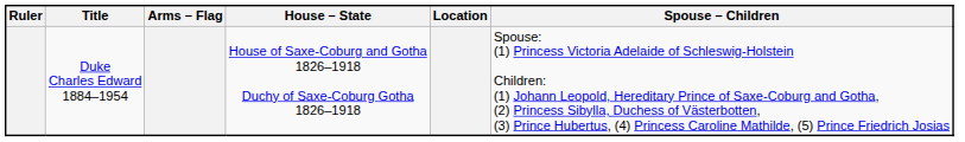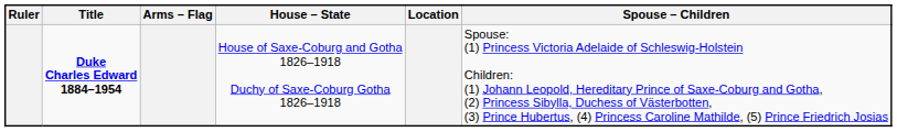 <table class="wikitable" style="border:2px solid">
 <tr>
 <th>Ruler</th>
 <th>Title</th>
 <th>Arms – Flag</th>
 <th>House – State</th>
 <th>Location</th>
 <th>Spouse – Children</th>
 </tr>
 <tr>
 <th></th>
-<td align=center><a href='#'>Duke<br>Charles Edward</a><br>1884–1954</td>
+<td align=center><strong><a href='#'>Duke<br>Charles Edward</a><br>1884–1954</strong></td>
 <th><br></th>
 <td align=center><a href='#'>House of Saxe-Coburg and Gotha</a><br>1826–1918<br><br><a href='#'>Duchy of Saxe-Coburg Gotha</a><br>1826–1918</td>
 <th></th>
 <td align=left>Spouse:<br>(1) <a href='#'>Princess Victoria Adelaide of Schleswig-Holstein</a><br><br>Children:<br>(1) <a href='#'>Johann Leopold, Hereditary Prince of Saxe-Coburg and Gotha</a>, <br>(2) <a href='#'>Princess Sibylla, Duchess of Västerbotten</a>, <br>(3) <a href='#'>Prince Hubertus</a>, (4) <a href='#'>Princess Caroline Mathilde</a>, (5) <a href='#'>Prince Friedrich Josias</a></td>
 </tr>
 <tr>
 </tr>
 </table>
